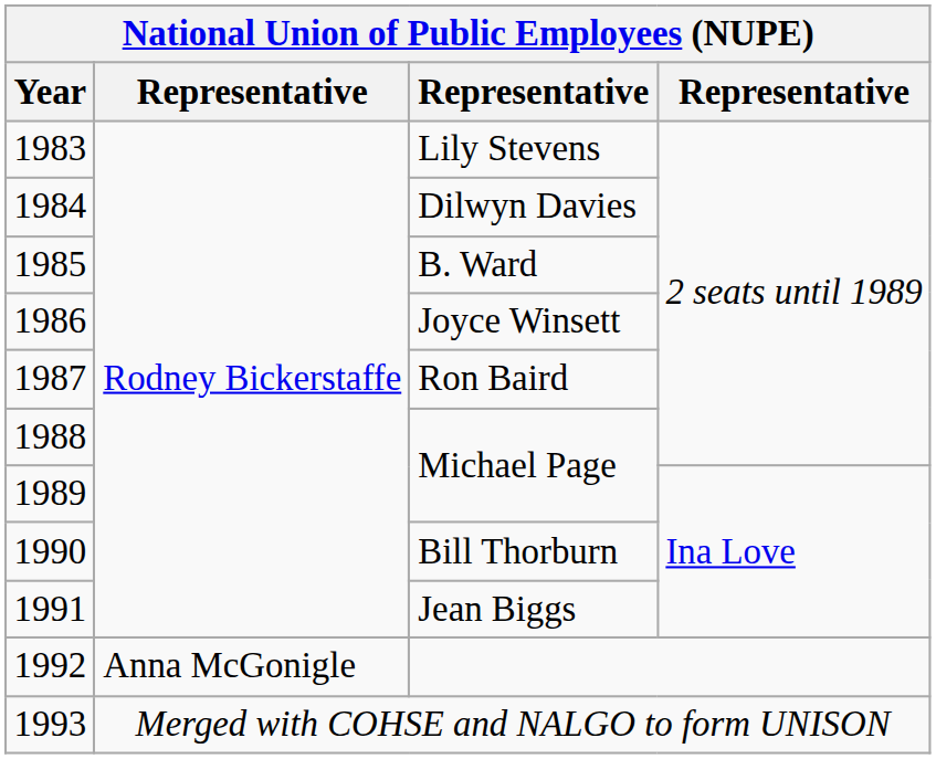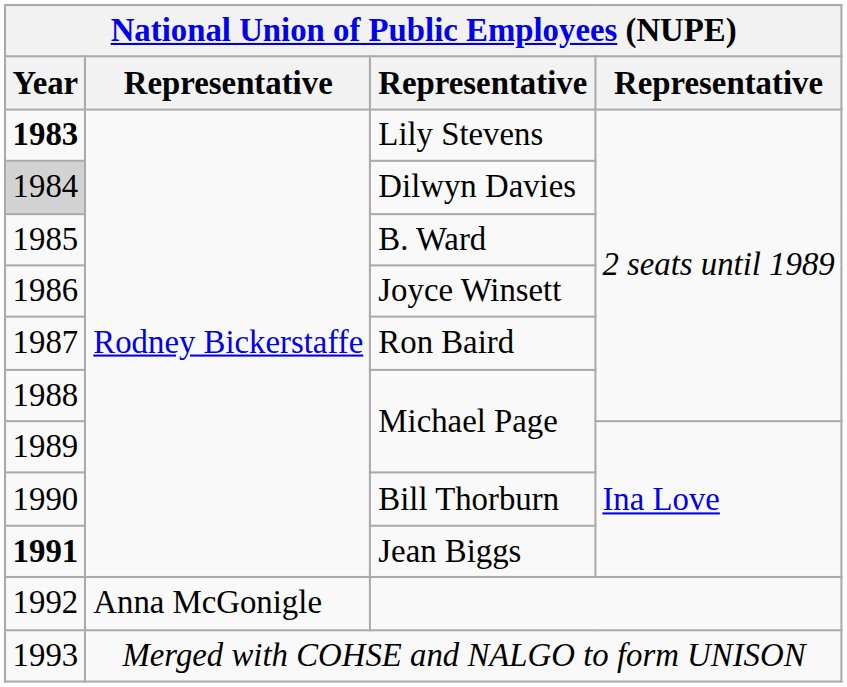 <table class="wikitable">
 <tr>
 <th colspan=4><a href='#'>National Union of Public Employees</a> (NUPE)</th>
 </tr>
 <tr>
 <th>Year</th>
 <th>Representative</th>
 <th>Representative</th>
 <th>Representative</th>
 </tr>
 <tr>
-<td>1983</td>
+<td><strong>1983</strong></td>
 <td rowspan=9><a href='#'>Rodney Bickerstaffe</a></td>
 <td>Lily Stevens</td>
 <td rowspan=6><em>2 seats until 1989</em></td>
 </tr>
 <tr>
-<td>1984</td>
+<td style="background: lightgrey;">1984</td>
 <td>Dilwyn Davies</td>
 </tr>
 <tr>
 <td>1985</td>
 <td>B. Ward</td>
 </tr>
 <tr>
 <td>1986</td>
 <td>Joyce Winsett</td>
 </tr>
 <tr>
 <td>1987</td>
 <td>Ron Baird</td>
 </tr>
 <tr>
 <td>1988</td>
 <td rowspan=2>Michael Page</td>
 </tr>
 <tr>
 <td>1989</td>
 <td rowspan=3><a href='#'>Ina Love</a></td>
 </tr>
 <tr>
 <td>1990</td>
 <td>Bill Thorburn</td>
 </tr>
 <tr>
-<td>1991</td>
+<td><strong>1991</strong></td>
 <td>Jean Biggs</td>
 </tr>
 <tr>
 <td>1992</td>
 <td>Anna McGonigle</td>
 </tr>
 <tr>
 <td>1993</td>
 <td colspan=3 align="center"><em>Merged with COHSE and NALGO to form UNISON</em></td>
 </tr>
 </table>
